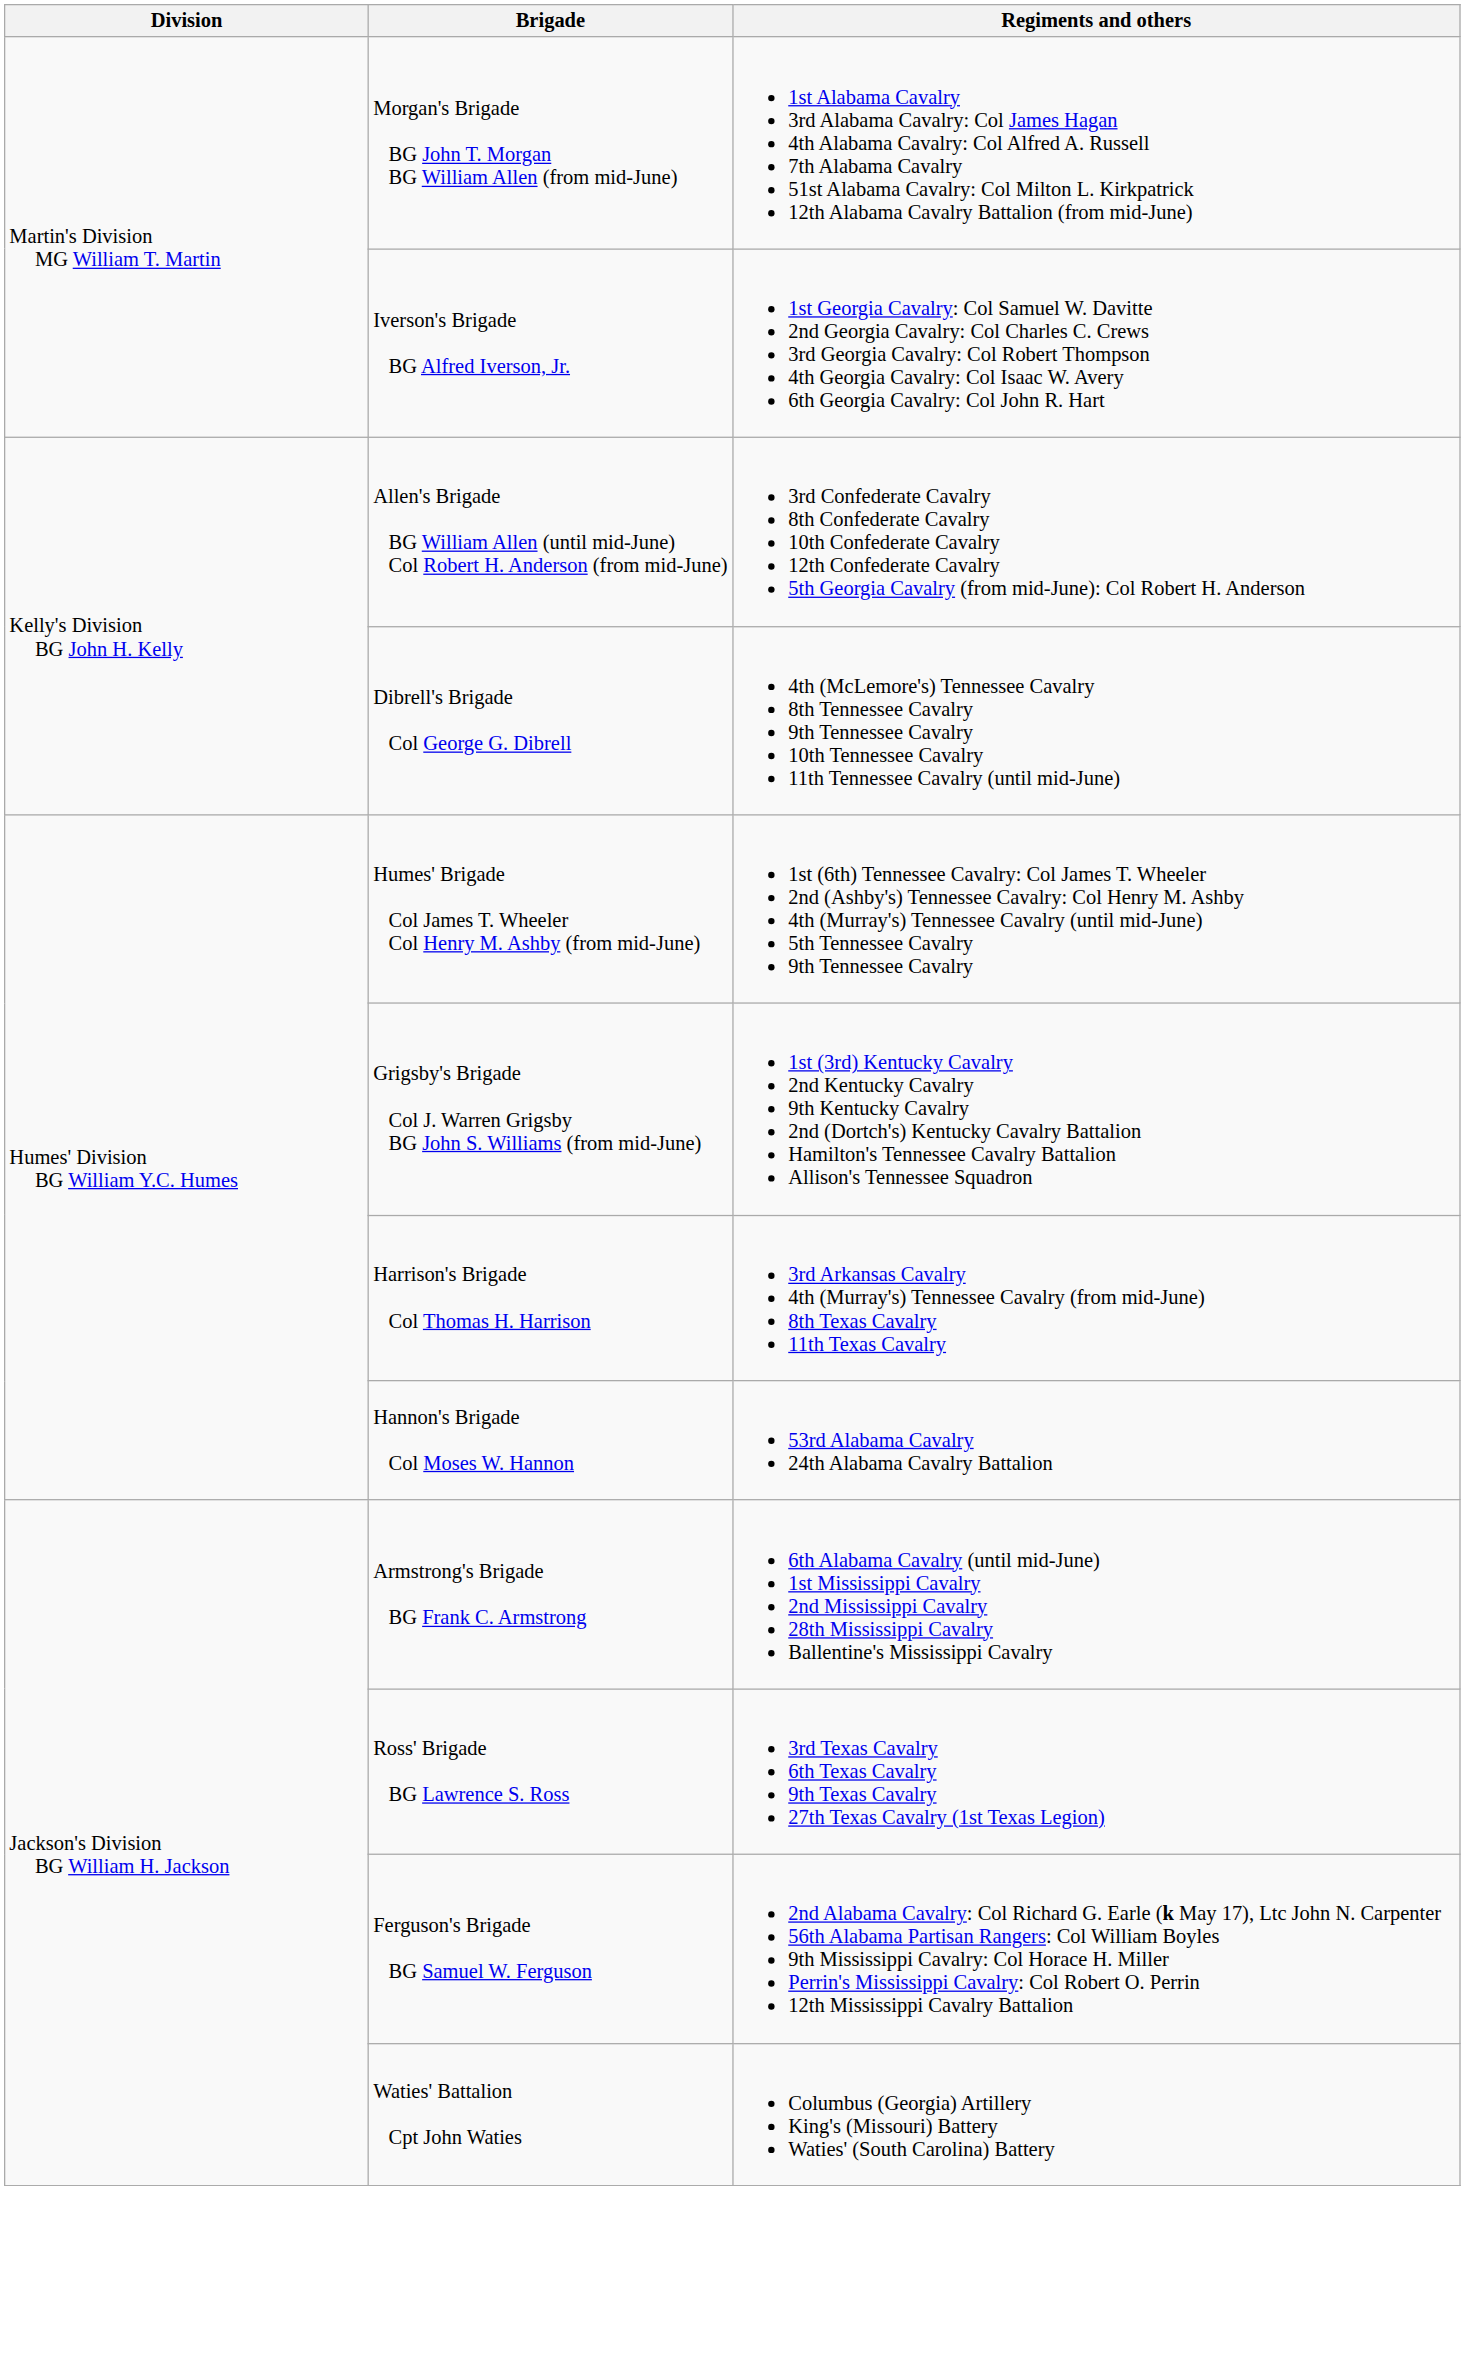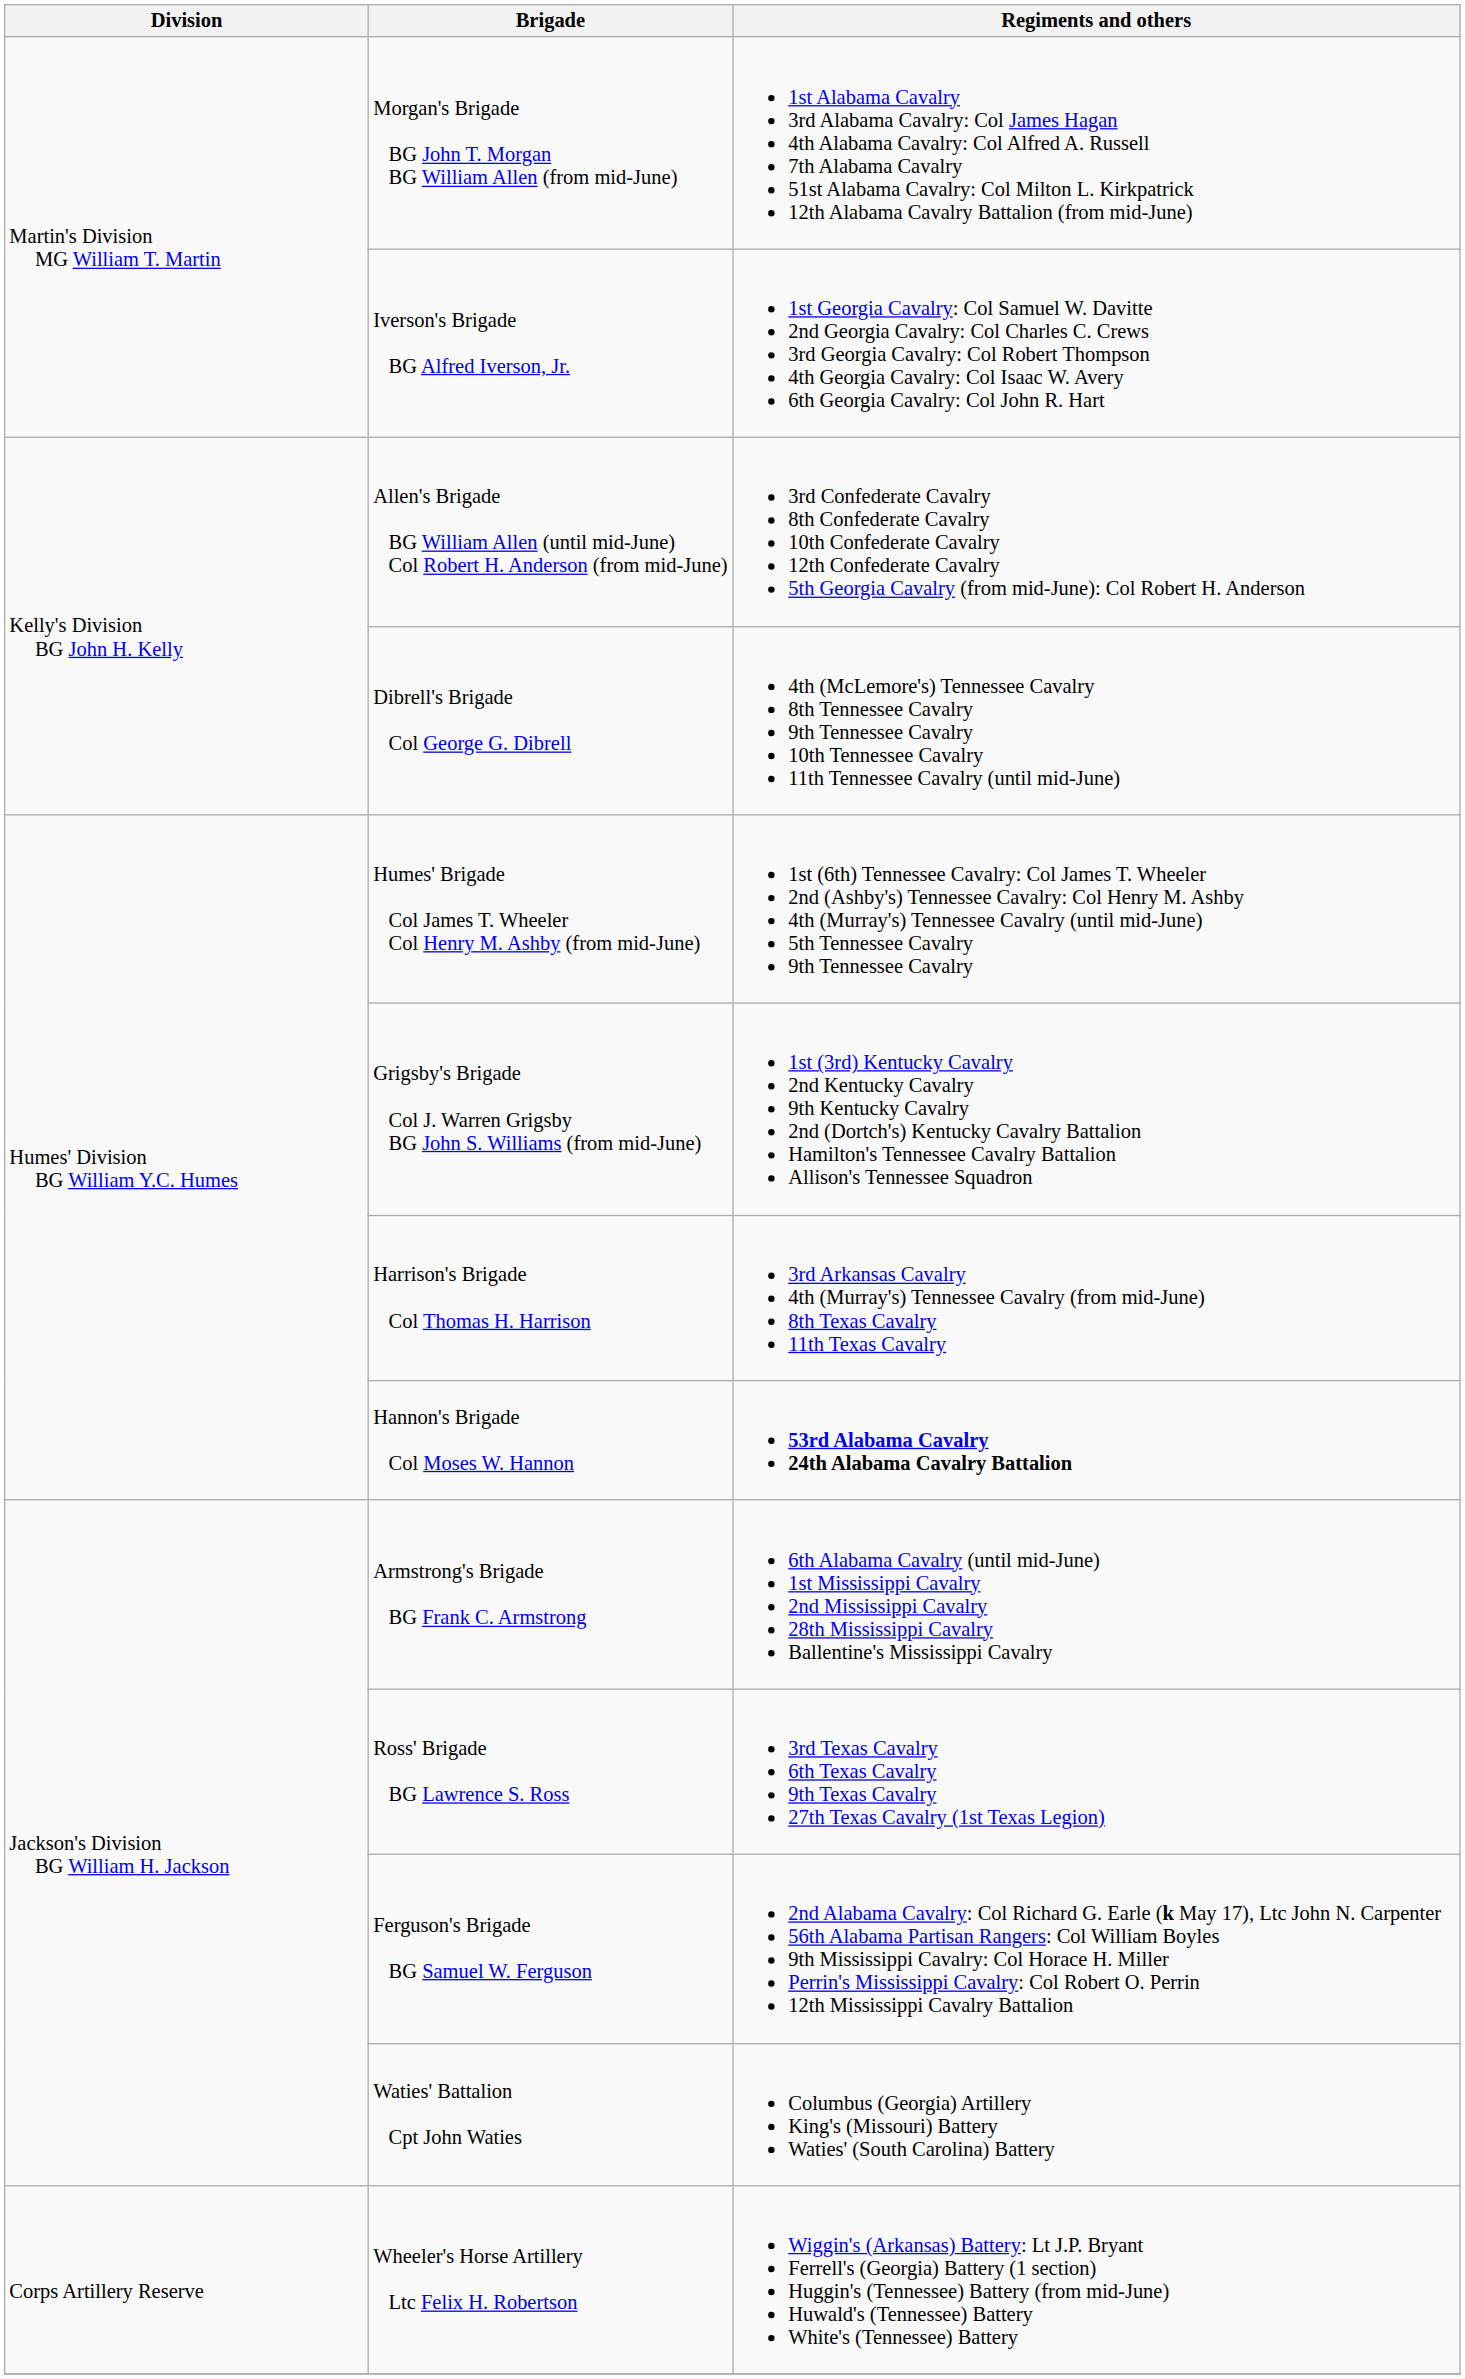 <table class="wikitable">
 <tr>
 <th width=25%>Division</th>
 <th width=25%>Brigade</th>
 <th>Regiments and others</th>
 </tr>
 <tr>
 <td rowspan=2><br>Martin's Division <br>     MG <a href='#'>William T. Martin</a></td>
 <td>Morgan's Brigade<br><br>   BG <a href='#'>John T. Morgan</a><br>   BG <a href='#'>William Allen</a> (from mid-June)</td>
 <td><br><ul><li><a href='#'>1st Alabama Cavalry</a></li><li>3rd Alabama Cavalry: Col <a href='#'>James Hagan</a></li><li>4th Alabama Cavalry: Col Alfred A. Russell</li><li>7th Alabama Cavalry</li><li>51st Alabama Cavalry: Col Milton L. Kirkpatrick</li><li>12th Alabama Cavalry Battalion (from mid-June)</li></ul></td>
 </tr>
 <tr>
 <td>Iverson's Brigade<br><br>   BG <a href='#'>Alfred Iverson, Jr.</a></td>
 <td><br><ul><li><a href='#'>1st Georgia Cavalry</a>: Col Samuel W. Davitte</li><li>2nd Georgia Cavalry: Col Charles C. Crews</li><li>3rd Georgia Cavalry: Col Robert Thompson</li><li>4th Georgia Cavalry: Col Isaac W. Avery</li><li>6th Georgia Cavalry: Col John R. Hart</li></ul></td>
 </tr>
 <tr>
 <td rowspan=2><br>Kelly's Division <br>     BG <a href='#'>John H. Kelly</a></td>
 <td>Allen's Brigade<br><br>   BG <a href='#'>William Allen</a> (until mid-June)<br>   Col <a href='#'>Robert H. Anderson</a> (from mid-June)</td>
 <td><br><ul><li>3rd Confederate Cavalry</li><li>8th Confederate Cavalry</li><li>10th Confederate Cavalry</li><li>12th Confederate Cavalry</li><li><a href='#'>5th Georgia Cavalry</a> (from mid-June): Col Robert H. Anderson</li></ul></td>
 </tr>
 <tr>
 <td>Dibrell's Brigade<br><br>   Col <a href='#'>George G. Dibrell</a></td>
 <td><br><ul><li>4th (McLemore's) Tennessee Cavalry</li><li>8th Tennessee Cavalry</li><li>9th Tennessee Cavalry</li><li>10th Tennessee Cavalry</li><li>11th Tennessee Cavalry (until mid-June)</li></ul></td>
 </tr>
 <tr>
 <td rowspan=4><br>Humes' Division <br>     BG <a href='#'>William Y.C. Humes</a></td>
 <td>Humes' Brigade<br><br>   Col James T. Wheeler<br>   Col <a href='#'>Henry M. Ashby</a> (from mid-June)</td>
 <td><br><ul><li>1st (6th) Tennessee Cavalry: Col James T. Wheeler</li><li>2nd (Ashby's) Tennessee Cavalry: Col Henry M. Ashby</li><li>4th (Murray's) Tennessee Cavalry (until mid-June)</li><li>5th Tennessee Cavalry</li><li>9th Tennessee Cavalry</li></ul></td>
 </tr>
 <tr>
 <td>Grigsby's Brigade<br><br>   Col J. Warren Grigsby<br>   BG <a href='#'>John S. Williams</a> (from mid-June)</td>
 <td><br><ul><li><a href='#'>1st (3rd) Kentucky Cavalry</a></li><li>2nd Kentucky Cavalry</li><li>9th Kentucky Cavalry</li><li>2nd (Dortch's) Kentucky Cavalry Battalion</li><li>Hamilton's Tennessee Cavalry Battalion</li><li>Allison's Tennessee Squadron</li></ul></td>
 </tr>
 <tr>
 <td>Harrison's Brigade<br><br>   Col <a href='#'>Thomas H. Harrison</a></td>
 <td><br><ul><li><a href='#'>3rd Arkansas Cavalry</a></li><li>4th (Murray's) Tennessee Cavalry (from mid-June)</li><li><a href='#'>8th Texas Cavalry</a></li><li><a href='#'>11th Texas Cavalry</a></li></ul></td>
 </tr>
 <tr>
 <td>Hannon's Brigade<br><br>   Col <a href='#'>Moses W. Hannon</a></td>
-<td><br><ul><li><a href='#'>53rd Alabama Cavalry</a></li><li>24th Alabama Cavalry Battalion</li></ul></td>
+<td><strong><br><ul><li><a href='#'>53rd Alabama Cavalry</a></li><li>24th Alabama Cavalry Battalion</li></ul></strong></td>
 </tr>
 <tr>
 <td rowspan=4><br>Jackson's Division <br>     BG <a href='#'>William H. Jackson</a></td>
 <td>Armstrong's Brigade<br><br>   BG <a href='#'>Frank C. Armstrong</a></td>
 <td><br><ul><li><a href='#'>6th Alabama Cavalry</a> (until mid-June)</li><li><a href='#'>1st Mississippi Cavalry</a></li><li><a href='#'>2nd Mississippi Cavalry</a></li><li><a href='#'>28th Mississippi Cavalry</a></li><li>Ballentine's Mississippi Cavalry</li></ul></td>
 </tr>
 <tr>
 <td>Ross' Brigade<br><br>   BG <a href='#'>Lawrence S. Ross</a></td>
 <td><br><ul><li><a href='#'>3rd Texas Cavalry</a></li><li><a href='#'>6th Texas Cavalry</a></li><li><a href='#'>9th Texas Cavalry</a></li><li><a href='#'>27th Texas Cavalry (1st Texas Legion)</a></li></ul></td>
 </tr>
 <tr>
 <td>Ferguson's Brigade<br><br>   BG <a href='#'>Samuel W. Ferguson</a></td>
 <td><br><ul><li><a href='#'>2nd Alabama Cavalry</a>: Col Richard G. Earle (<strong>k</strong> May 17), Ltc John N. Carpenter</li><li><a href='#'>56th Alabama Partisan Rangers</a>: Col William Boyles</li><li>9th Mississippi Cavalry: Col Horace H. Miller</li><li><a href='#'>Perrin's Mississippi Cavalry</a>: Col Robert O. Perrin</li><li>12th Mississippi Cavalry Battalion</li></ul></td>
 </tr>
 <tr>
 <td>Waties' Battalion<br><br>   Cpt John Waties</td>
 <td><br><ul><li>Columbus (Georgia) Artillery</li><li>King's (Missouri) Battery</li><li>Waties' (South Carolina) Battery</li></ul></td>
 </tr>
 <tr>
+<td rowspan=1><br>Corps Artillery Reserve</td>
+<td>Wheeler's Horse Artillery<br><br>   Ltc <a href='#'>Felix H. Robertson</a></td>
+<td><br><ul><li><a href='#'>Wiggin's (Arkansas) Battery</a>: Lt J.P. Bryant</li><li>Ferrell's (Georgia) Battery (1 section)</li><li>Huggin's (Tennessee) Battery (from mid-June)</li><li>Huwald's (Tennessee) Battery</li><li>White's (Tennessee) Battery</li></ul></td>
+</tr>
+<tr>
 </tr>
 </table>
